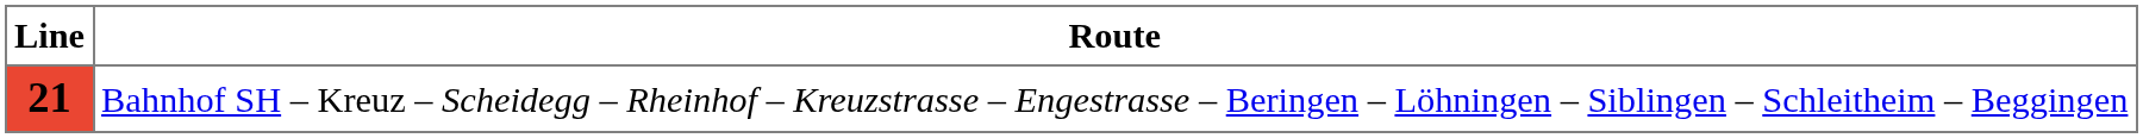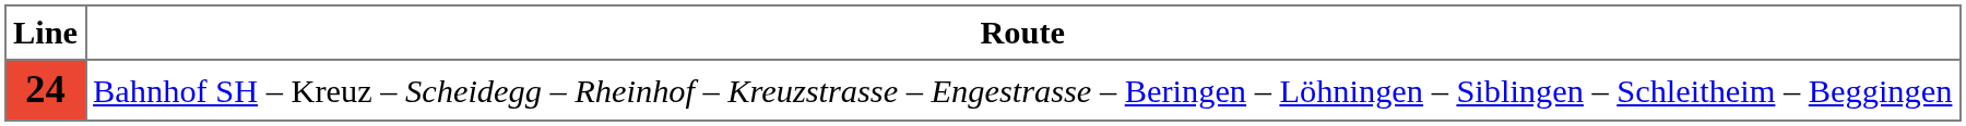 <table border="1" cellspacing="0" cellpadding="3" style="border-collapse:collapse; font-size:95%; margin-left:10px; margin-bottom:5px;">
 <tr>
 <th>Line</th>
 <th>Route</th>
 </tr>
 <tr align=center>
-<td bgcolor=#ea4632><span><big><strong>21</strong></big></span></td>
+<td bgcolor=#ea4632><span><big><strong>24</strong></big></span></td>
 <td><a href='#'>Bahnhof SH</a> – Kreuz – <em>Scheidegg – Rheinhof – Kreuzstrasse – Engestrasse</em> – <a href='#'>Beringen</a> – <a href='#'>Löhningen</a> – <a href='#'>Siblingen</a> – <a href='#'>Schleitheim</a> – <a href='#'>Beggingen</a></td>
 </tr>
 </table>
